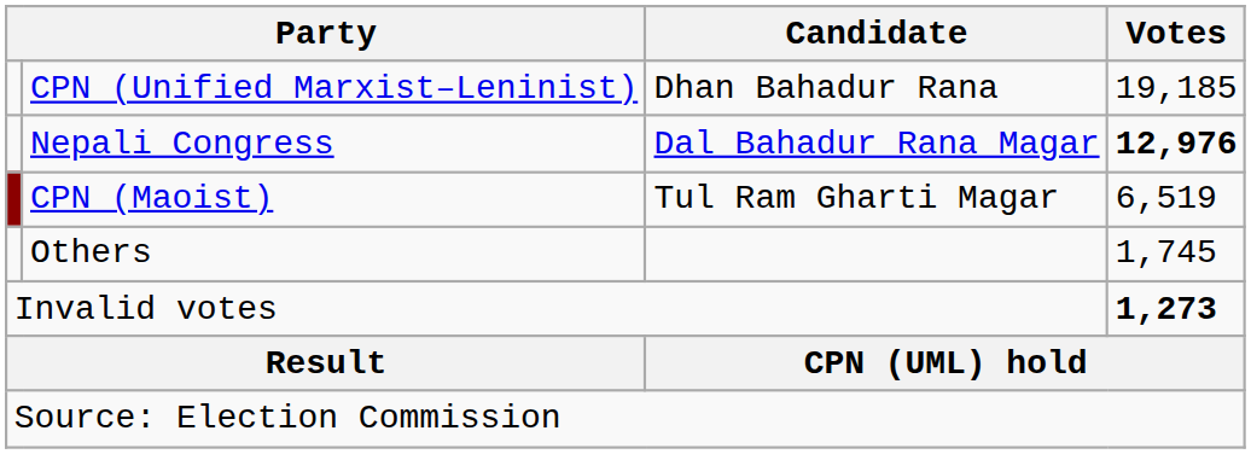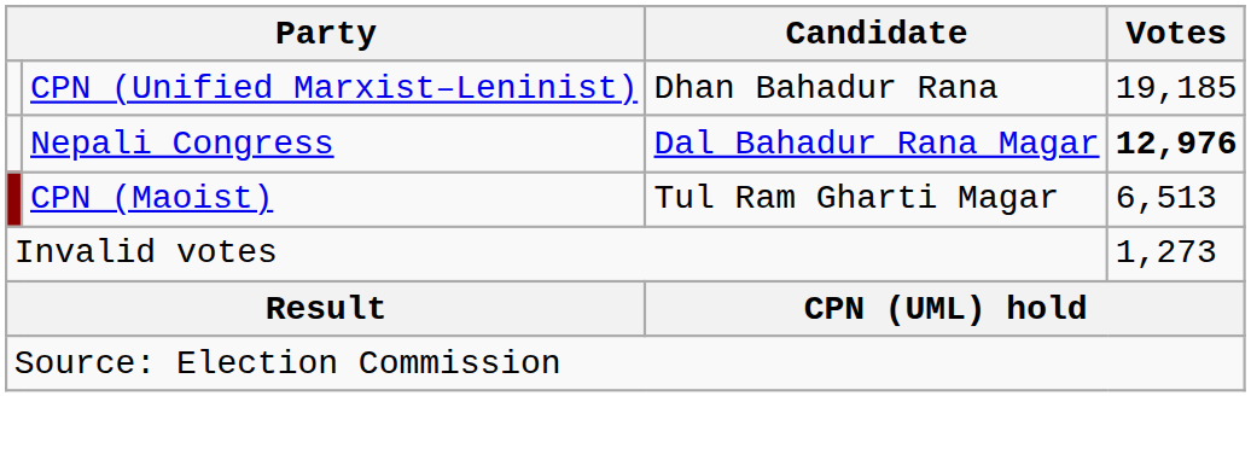 <table class="wikitable">
 <tr>
 <th colspan="2">Party</th>
 <th>Candidate</th>
 <th>Votes</th>
 </tr>
 <tr>
 <td style="background-color:"></td>
 <td><a href='#'>CPN (Unified Marxist–Leninist)</a></td>
 <td>Dhan Bahadur Rana</td>
 <td>19,185</td>
 </tr>
 <tr>
 <td style="background-color:"></td>
 <td><a href='#'>Nepali Congress</a></td>
 <td><a href='#'>Dal Bahadur Rana Magar</a></td>
 <td><strong>12,976</strong></td>
 </tr>
 <tr>
 <td style="background-color:darkred"></td>
 <td><a href='#'>CPN (Maoist)</a></td>
 <td>Tul Ram Gharti Magar</td>
-<td>6,519</td>
-</tr>
-<tr>
-<td></td>
-<td>Others</td>
-<td></td>
-<td>1,745</td>
+<td>6,513</td>
 </tr>
 <tr>
 <td colspan="3">Invalid votes</td>
-<td><strong>1,273</strong></td>
+<td>1,273</td>
 </tr>
 <tr>
 <th colspan="2">Result</th>
 <th colspan="2">CPN (UML) hold</th>
 </tr>
 <tr>
 <td colspan="4">Source: Election Commission</td>
 </tr>
 </table>
